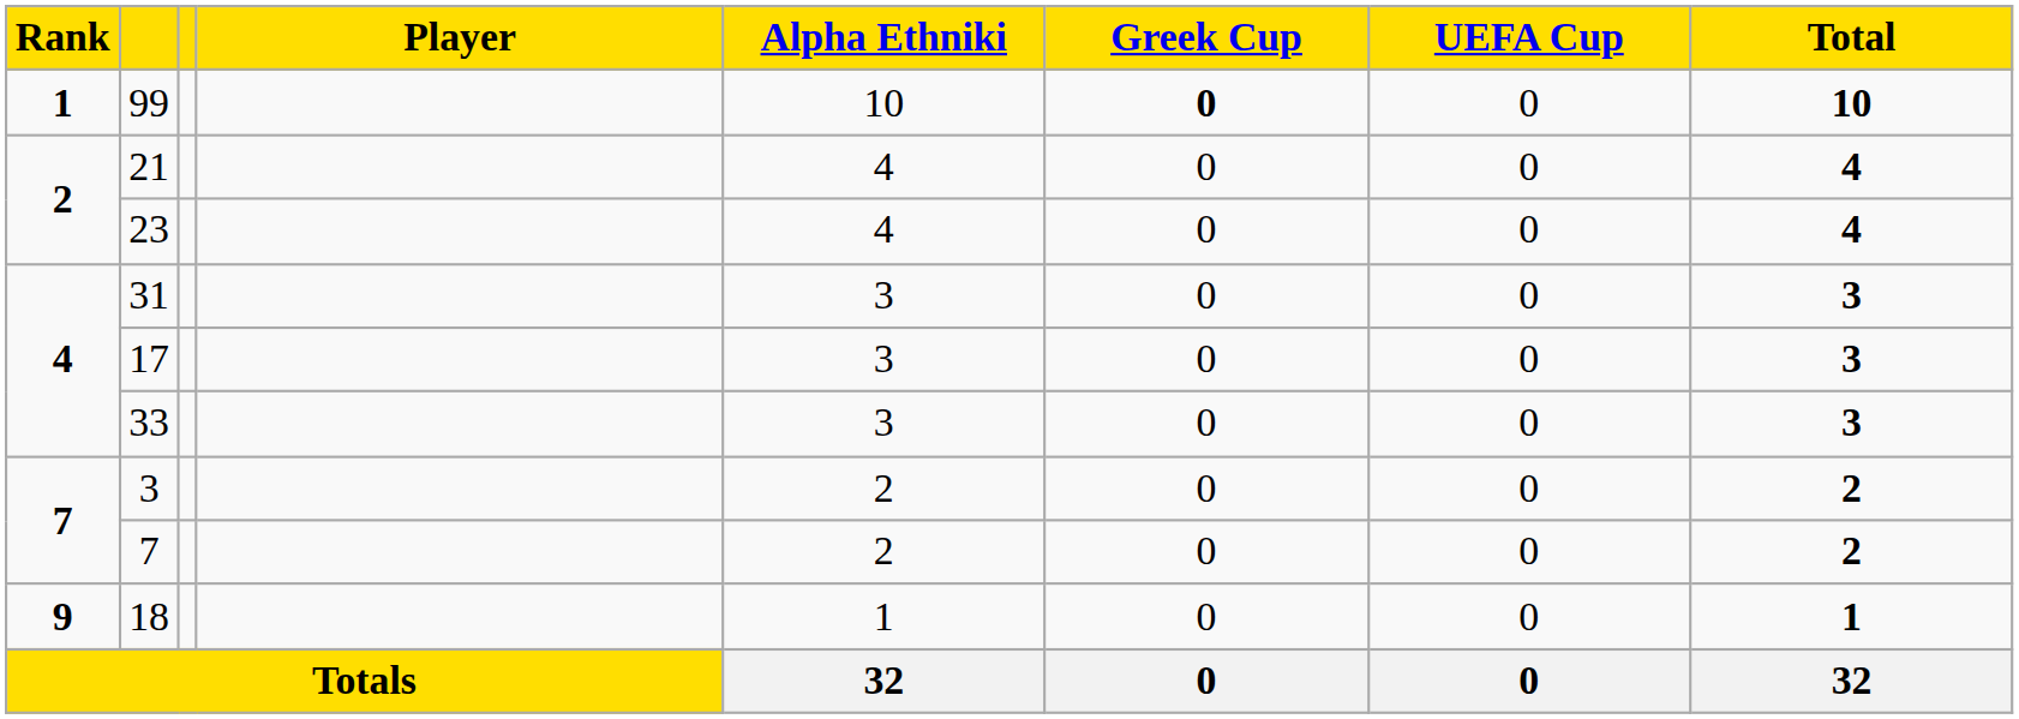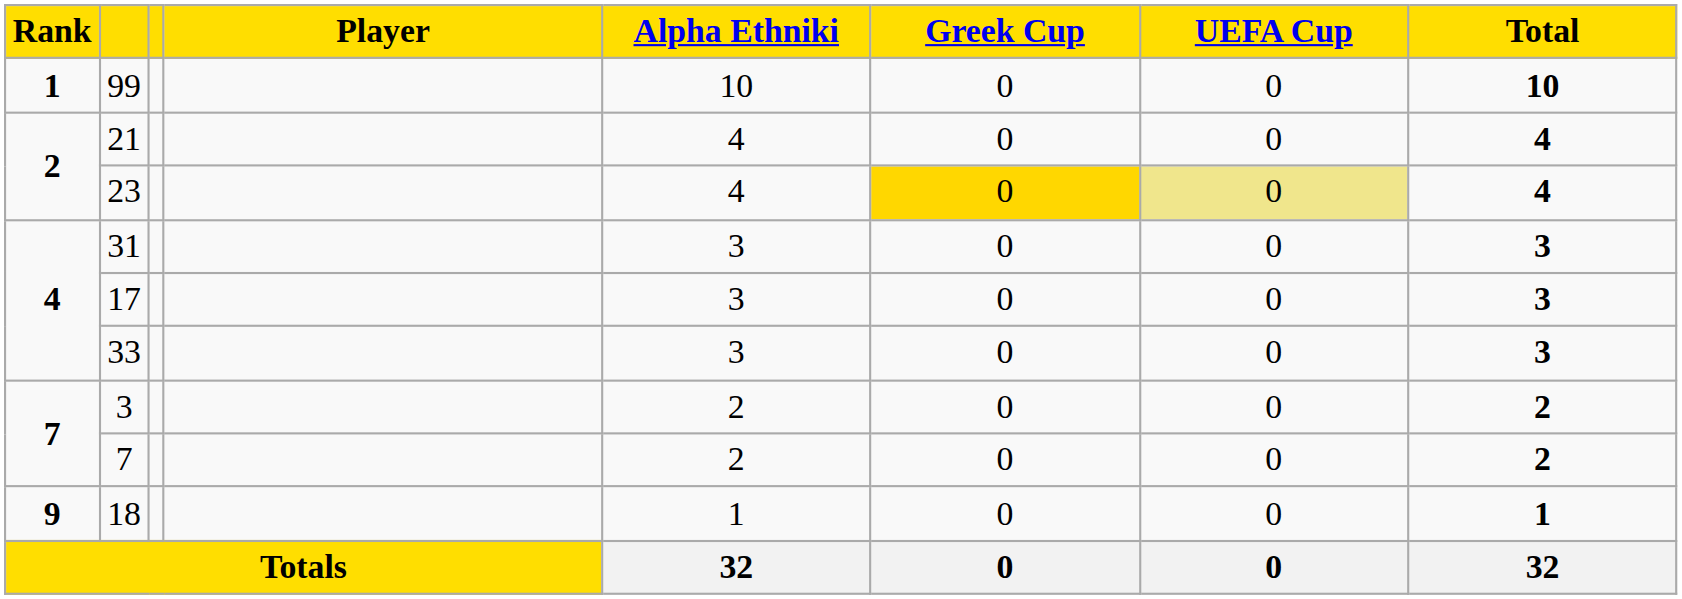 <table class="wikitable sortable" style="text-align: center">
 <tr>
 <th style="background:#FFDE00">Rank</th>
 <th style="background:#FFDE00"></th>
 <th style="background:#FFDE00"></th>
 <th width=200 style="background:#FFDE00">Player</th>
 <th width=120 style="background:#FFDE00"><a href='#'>Alpha Ethniki</a></th>
 <th width=120 style="background:#FFDE00"><a href='#'>Greek Cup</a></th>
 <th width=120 style="background:#FFDE00"><a href='#'>UEFA Cup</a></th>
 <th width=120 style="background:#FFDE00">Total</th>
 </tr>
 <tr>
 <td><strong>1</strong></td>
 <td>99</td>
 <td></td>
 <td align=left></td>
 <td>10</td>
-<td><strong>0</strong></td>
+<td>0</td>
 <td>0</td>
 <td><strong>10</strong></td>
 </tr>
 <tr>
 <td rowspan=2><strong>2</strong></td>
 <td>21</td>
 <td></td>
 <td align=left></td>
 <td>4</td>
 <td>0</td>
 <td>0</td>
 <td><strong>4</strong></td>
 </tr>
 <tr>
 <td>23</td>
 <td></td>
 <td align=left></td>
 <td>4</td>
-<td>0</td>
-<td>0</td>
+<td style="background: gold;">0</td>
+<td style="background: khaki;">0</td>
 <td><strong>4</strong></td>
 </tr>
 <tr>
 <td rowspan=3><strong>4</strong></td>
 <td>31</td>
 <td></td>
 <td align=left></td>
 <td>3</td>
 <td>0</td>
 <td>0</td>
 <td><strong>3</strong></td>
 </tr>
 <tr>
 <td>17</td>
 <td></td>
 <td align=left></td>
 <td>3</td>
 <td>0</td>
 <td>0</td>
 <td><strong>3</strong></td>
 </tr>
 <tr>
 <td>33</td>
 <td></td>
 <td align=left></td>
 <td>3</td>
 <td>0</td>
 <td>0</td>
 <td><strong>3</strong></td>
 </tr>
 <tr>
 <td rowspan=2><strong>7</strong></td>
 <td>3</td>
 <td></td>
 <td align=left></td>
 <td>2</td>
 <td>0</td>
 <td>0</td>
 <td><strong>2</strong></td>
 </tr>
 <tr>
 <td>7</td>
 <td></td>
 <td align=left></td>
 <td>2</td>
 <td>0</td>
 <td>0</td>
 <td><strong>2</strong></td>
 </tr>
 <tr>
 <td><strong>9</strong></td>
 <td>18</td>
 <td></td>
 <td align=left></td>
 <td>1</td>
 <td>0</td>
 <td>0</td>
 <td><strong>1</strong></td>
 </tr>
 <tr class="sortbottom">
 <th colspan=4 style="background:#FFDE00"><strong>Totals</strong></th>
 <th><strong>32</strong></th>
 <th><strong> 0</strong></th>
 <th><strong> 0</strong></th>
 <th><strong>32</strong></th>
 </tr>
 </table>
